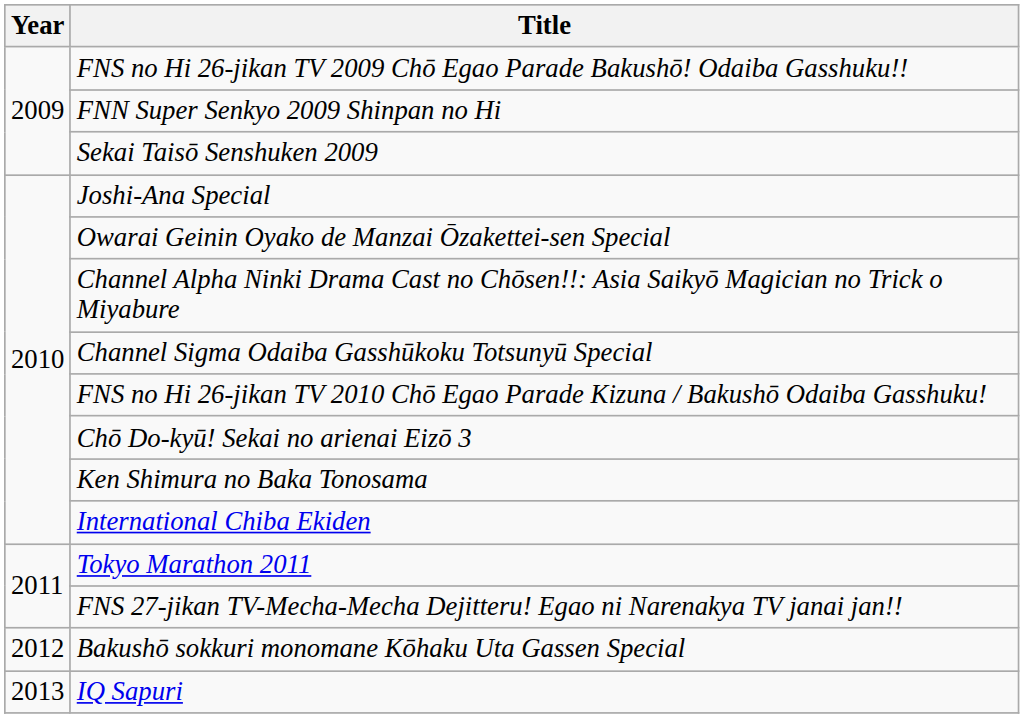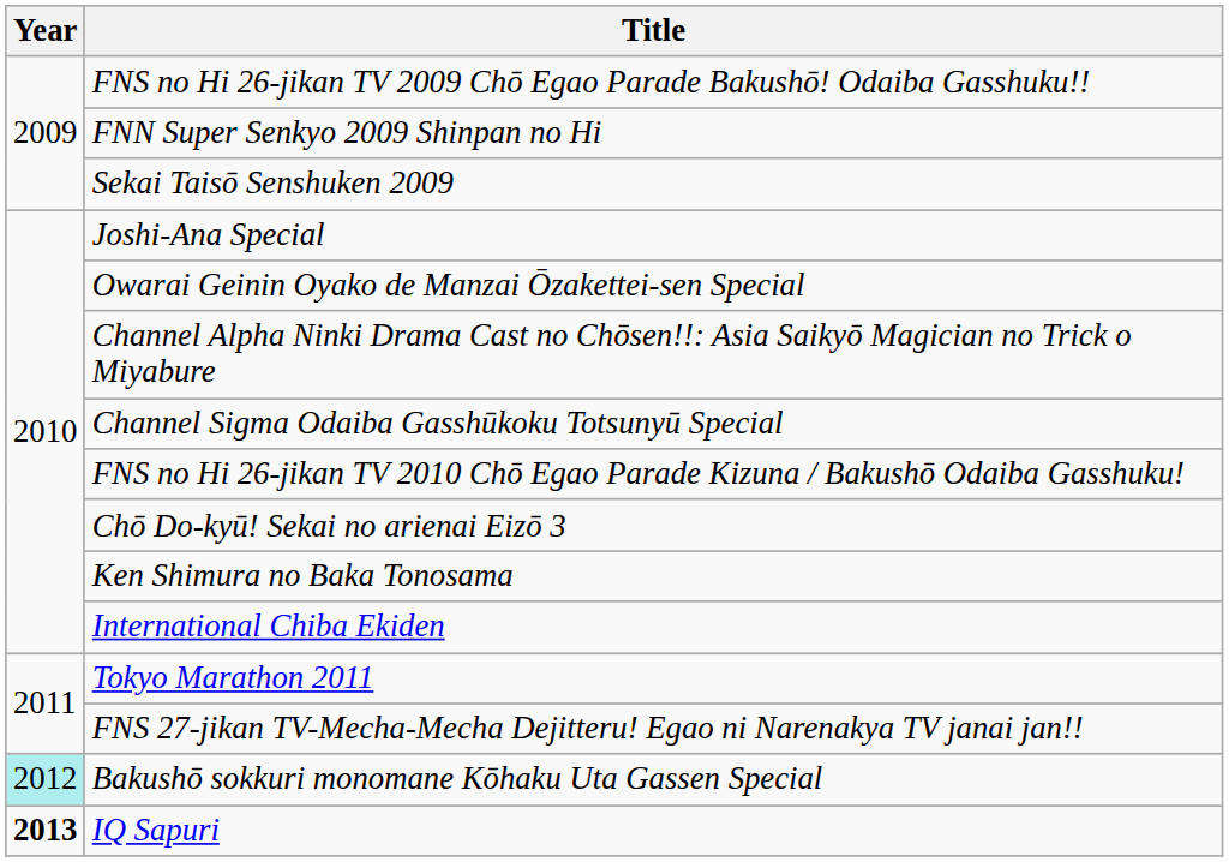 <table class="wikitable">
 <tr>
 <th>Year</th>
 <th>Title</th>
 </tr>
 <tr>
 <td rowspan="3">2009</td>
 <td><em>FNS no Hi 26-jikan TV 2009 Chō Egao Parade Bakushō! Odaiba Gasshuku!!</em></td>
 </tr>
 <tr>
 <td><em>FNN Super Senkyo 2009 Shinpan no Hi</em></td>
 </tr>
 <tr>
 <td><em>Sekai Taisō Senshuken 2009</em></td>
 </tr>
 <tr>
 <td rowspan="8">2010</td>
 <td><em>Joshi-Ana Special</em></td>
 </tr>
 <tr>
 <td><em>Owarai Geinin Oyako de Manzai Ōzakettei-sen Special</em></td>
 </tr>
 <tr>
 <td><em>Channel Alpha Ninki Drama Cast no Chōsen!!: Asia Saikyō Magician no Trick o Miyabure</em></td>
 </tr>
 <tr>
 <td><em>Channel Sigma Odaiba Gasshūkoku Totsunyū Special</em></td>
 </tr>
 <tr>
 <td><em>FNS no Hi 26-jikan TV 2010 Chō Egao Parade Kizuna / Bakushō Odaiba Gasshuku!</em></td>
 </tr>
 <tr>
 <td><em>Chō Do-kyū! Sekai no arienai Eizō 3</em></td>
 </tr>
 <tr>
 <td><em>Ken Shimura no Baka Tonosama</em></td>
 </tr>
 <tr>
 <td><em><a href='#'>International Chiba Ekiden</a></em></td>
 </tr>
 <tr>
 <td rowspan="2">2011</td>
 <td><em><a href='#'>Tokyo Marathon 2011</a></em></td>
 </tr>
 <tr>
 <td><em>FNS 27-jikan TV-Mecha-Mecha Dejitteru! Egao ni Narenakya TV janai jan!!</em></td>
 </tr>
 <tr>
-<td>2012</td>
+<td style="background: paleturquoise;">2012</td>
 <td><em>Bakushō sokkuri monomane Kōhaku Uta Gassen Special</em></td>
 </tr>
 <tr>
-<td>2013</td>
+<td><strong>2013</strong></td>
 <td><em><a href='#'>IQ Sapuri</a></em></td>
 </tr>
 </table>
